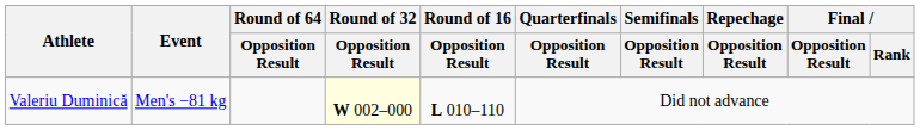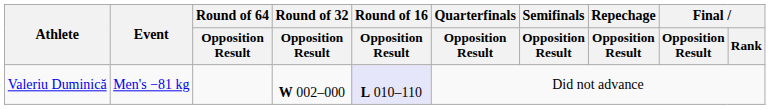 <table class="wikitable" style="font-size:90%">
 <tr>
 <th rowspan="2">Athlete</th>
 <th rowspan="2">Event</th>
 <th>Round of 64</th>
 <th>Round of 32</th>
 <th>Round of 16</th>
 <th>Quarterfinals</th>
 <th>Semifinals</th>
 <th>Repechage</th>
 <th colspan=2>Final / </th>
 </tr>
 <tr style="font-size:95%">
 <th>Opposition<br>Result</th>
 <th>Opposition<br>Result</th>
 <th>Opposition<br>Result</th>
 <th>Opposition<br>Result</th>
 <th>Opposition<br>Result</th>
 <th>Opposition<br>Result</th>
 <th>Opposition<br>Result</th>
 <th>Rank</th>
 </tr>
 <tr align=center>
 <td align=left><a href='#'>Valeriu Duminică</a></td>
 <td align=left><a href='#'>Men's −81 kg</a></td>
 <td></td>
-<td style="background: lightyellow;"><br><strong>W</strong> 002–000</td>
-<td><br><strong>L</strong> 010–110</td>
+<td><br><strong>W</strong> 002–000</td>
+<td style="background: lavender;"><br><strong>L</strong> 010–110</td>
 <td colspan=5>Did not advance</td>
 </tr>
 </table>
